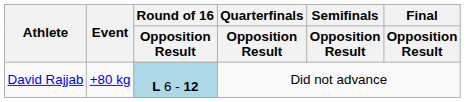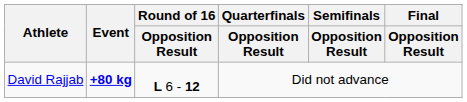 <table class="wikitable" style="font-size:90%">
 <tr>
 <th rowspan=2>Athlete</th>
 <th rowspan=2>Event</th>
 <th>Round of 16</th>
 <th>Quarterfinals</th>
 <th>Semifinals</th>
 <th>Final</th>
 </tr>
 <tr>
 <th>Opposition<br>Result</th>
 <th>Opposition<br>Result</th>
 <th>Opposition<br>Result</th>
 <th>Opposition<br>Result</th>
 </tr>
 <tr>
 <td><a href='#'>David Rajjab</a></td>
-<td><a href='#'>+80 kg</a></td>
-<td align=center style="background: lightblue;"><br><strong>L</strong> 6 - <strong>12</strong></td>
+<td><strong><a href='#'>+80 kg</a></strong></td>
+<td align=center><br><strong>L</strong> 6 - <strong>12</strong></td>
 <td align=center colspan="7">Did not advance</td>
 </tr>
 </table>
